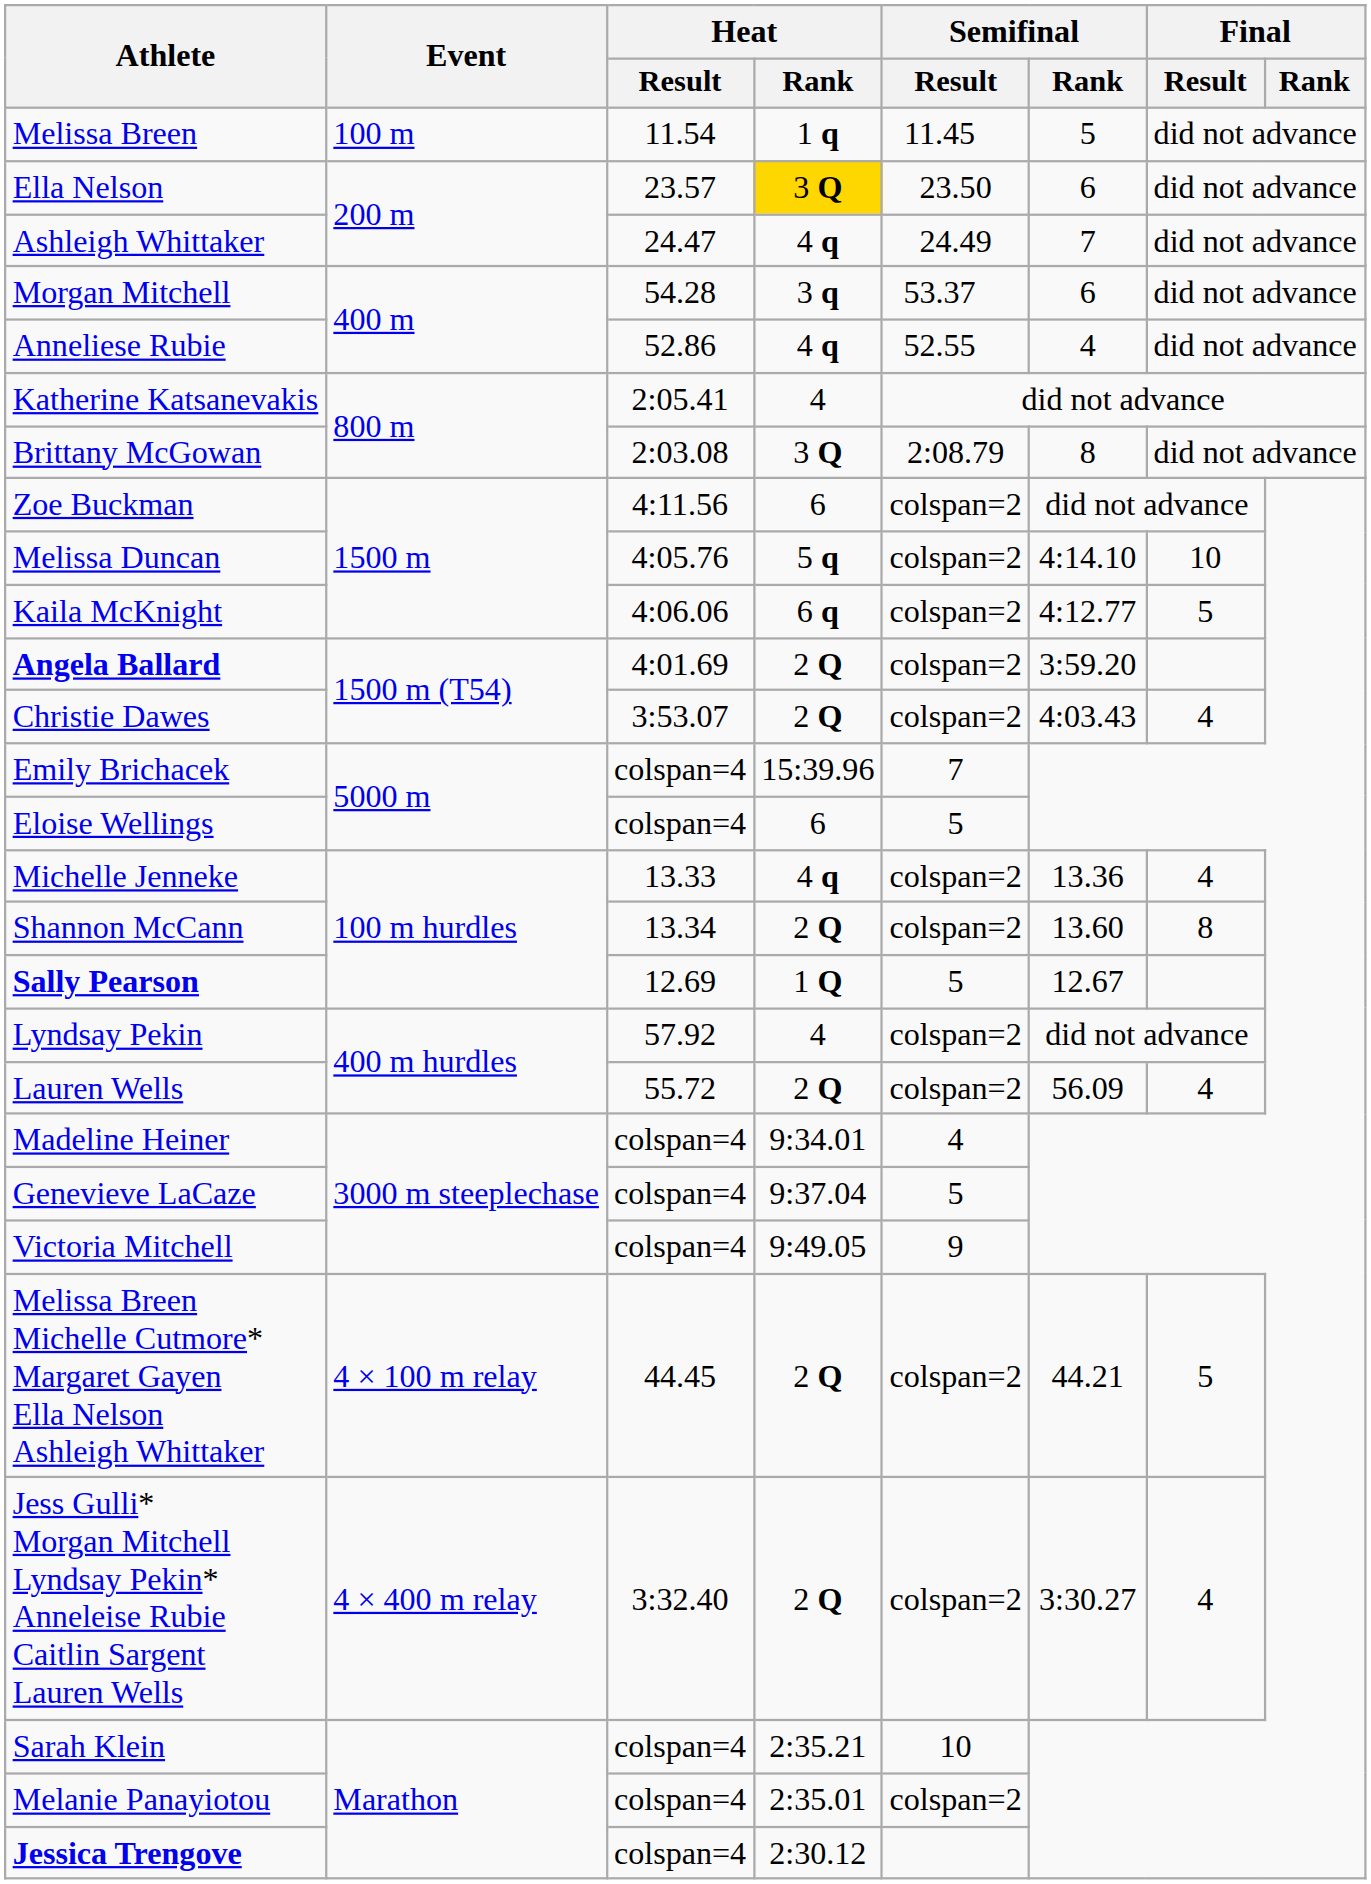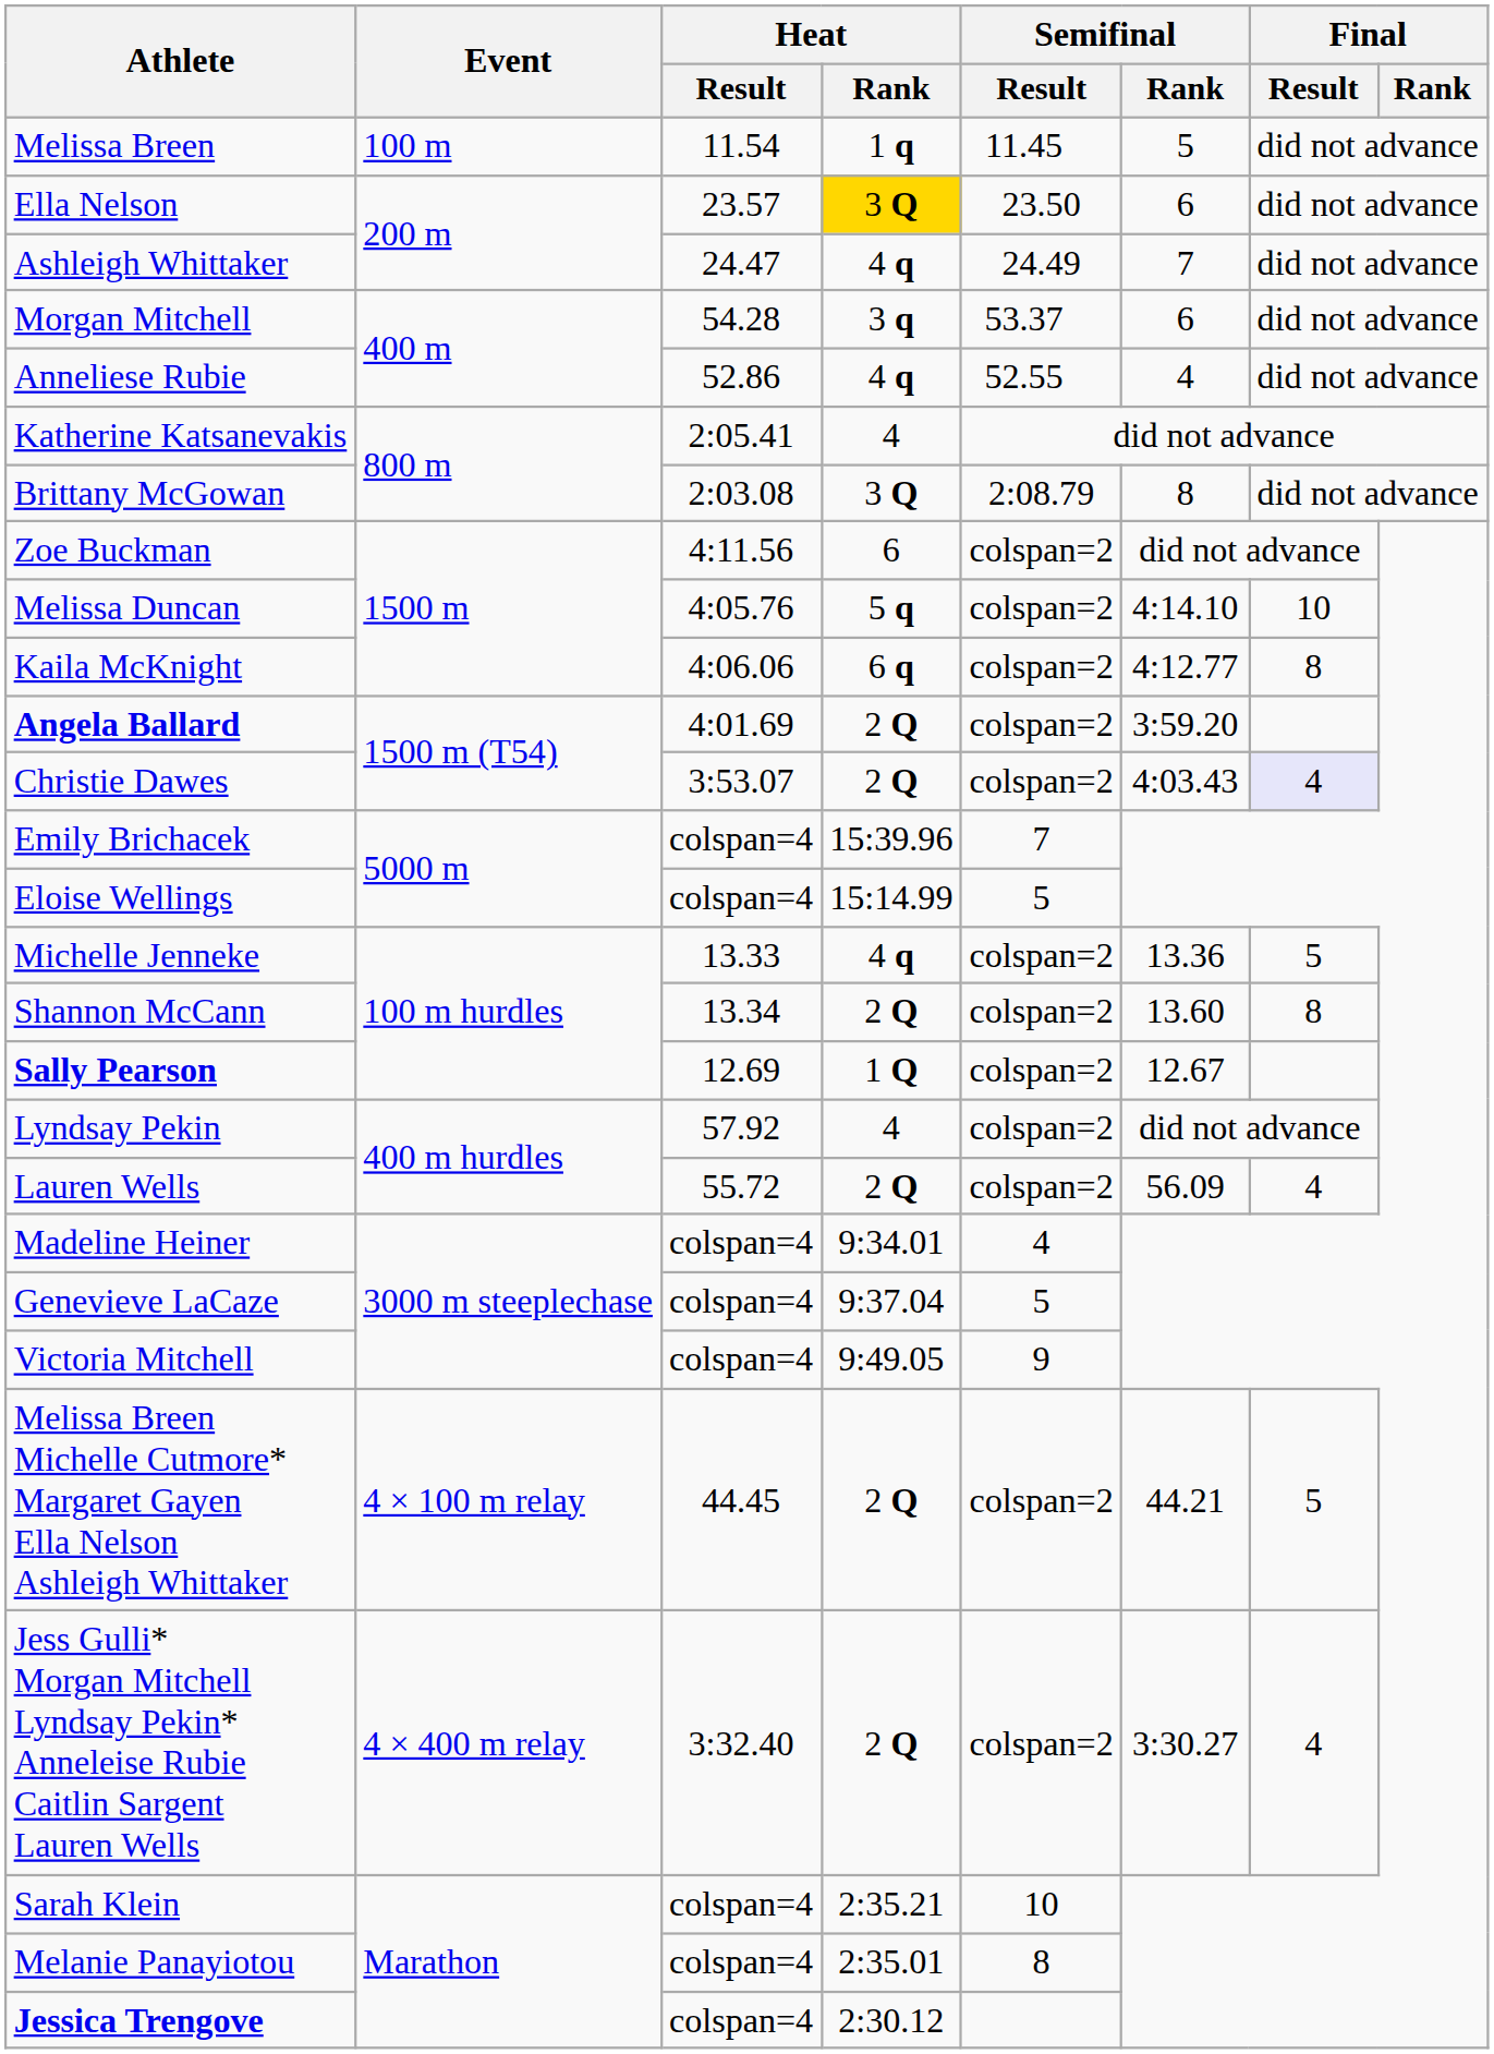 <table class="wikitable" style="font-size:90%">
 <tr>
 <th rowspan=2>Athlete</th>
 <th rowspan=2>Event</th>
 <th colspan=2>Heat</th>
 <th colspan=2>Semifinal</th>
 <th colspan=2>Final</th>
 </tr>
 <tr style="font-size:95%">
 <th>Result</th>
 <th>Rank</th>
 <th>Result</th>
 <th>Rank</th>
 <th>Result</th>
 <th>Rank</th>
 </tr>
 <tr align=center>
 <td align=left><a href='#'>Melissa Breen</a></td>
 <td align=left rowspan=1><a href='#'>100 m</a></td>
 <td>11.54</td>
 <td>1 <strong>q</strong></td>
 <td>11.45 </td>
 <td>5</td>
 <td colspan=2>did not advance</td>
 </tr>
 <tr align=center>
 <td align=left><a href='#'>Ella Nelson</a></td>
 <td align=left rowspan=2><a href='#'>200 m</a></td>
 <td>23.57</td>
 <td style="background: gold;">3 <strong>Q</strong></td>
 <td>23.50</td>
 <td>6</td>
 <td colspan=2>did not advance</td>
 </tr>
 <tr align=center>
 <td align=left><a href='#'>Ashleigh Whittaker</a></td>
 <td>24.47</td>
 <td>4 <strong>q</strong></td>
 <td>24.49</td>
 <td>7</td>
 <td colspan=2>did not advance</td>
 </tr>
 <tr align=center>
 <td align=left><a href='#'>Morgan Mitchell</a></td>
 <td align=left rowspan=2><a href='#'>400 m</a></td>
 <td>54.28</td>
 <td>3 <strong>q</strong></td>
 <td>53.37 </td>
 <td>6</td>
 <td colspan=2>did not advance</td>
 </tr>
 <tr align=center>
 <td align=left><a href='#'>Anneliese Rubie</a></td>
 <td>52.86</td>
 <td>4 <strong>q</strong></td>
 <td>52.55 </td>
 <td>4</td>
 <td colspan=2>did not advance</td>
 </tr>
 <tr align=center>
 <td align=left><a href='#'>Katherine Katsanevakis</a></td>
 <td align=left rowspan=2><a href='#'>800 m</a></td>
 <td>2:05.41</td>
 <td>4</td>
 <td colspan=4>did not advance</td>
 </tr>
 <tr align=center>
 <td align=left><a href='#'>Brittany McGowan</a></td>
 <td>2:03.08</td>
 <td>3 <strong>Q</strong></td>
 <td>2:08.79</td>
 <td>8</td>
 <td colspan=2>did not advance</td>
 </tr>
 <tr align=center>
 <td align=left><a href='#'>Zoe Buckman</a></td>
 <td align=left rowspan=3><a href='#'>1500 m</a></td>
 <td>4:11.56</td>
 <td>6</td>
 <td>colspan=2 </td>
 <td colspan=2>did not advance</td>
 </tr>
 <tr align=center>
 <td align=left><a href='#'>Melissa Duncan</a></td>
 <td>4:05.76</td>
 <td>5 <strong>q</strong></td>
 <td>colspan=2 </td>
 <td>4:14.10</td>
 <td>10</td>
 </tr>
 <tr align=center>
 <td align=left><a href='#'>Kaila McKnight</a></td>
 <td>4:06.06</td>
 <td>6 <strong>q</strong></td>
 <td>colspan=2 </td>
 <td>4:12.77</td>
-<td>5</td>
+<td>8</td>
 </tr>
 <tr align=center>
 <td align=left><strong><a href='#'>Angela Ballard</a></strong></td>
 <td align=left rowspan=2><a href='#'>1500 m (T54)</a></td>
 <td>4:01.69</td>
 <td>2 <strong>Q</strong></td>
 <td>colspan=2 </td>
 <td>3:59.20</td>
 <td></td>
 </tr>
 <tr align=center>
 <td align=left><a href='#'>Christie Dawes</a></td>
 <td>3:53.07</td>
 <td>2 <strong>Q</strong></td>
 <td>colspan=2 </td>
 <td>4:03.43</td>
-<td>4</td>
+<td style="background: lavender;">4</td>
 </tr>
 <tr align=center>
 <td align=left><a href='#'>Emily Brichacek</a></td>
 <td align=left rowspan=2><a href='#'>5000 m</a></td>
 <td>colspan=4 </td>
 <td>15:39.96</td>
 <td>7</td>
 </tr>
 <tr align=center>
 <td align=left><a href='#'>Eloise Wellings</a></td>
 <td>colspan=4 </td>
-<td>6</td>
+<td>15:14.99</td>
 <td>5</td>
 </tr>
 <tr align=center>
 <td align=left><a href='#'>Michelle Jenneke</a></td>
 <td align=left rowspan=3><a href='#'>100 m hurdles</a></td>
 <td>13.33</td>
 <td>4 <strong>q</strong></td>
 <td>colspan=2 </td>
 <td>13.36</td>
-<td>4</td>
+<td>5</td>
 </tr>
 <tr align=center>
 <td align=left><a href='#'>Shannon McCann</a></td>
 <td>13.34</td>
 <td>2 <strong>Q</strong></td>
 <td>colspan=2 </td>
 <td>13.60</td>
 <td>8</td>
 </tr>
 <tr align=center>
 <td align=left><strong><a href='#'>Sally Pearson</a></strong></td>
 <td>12.69</td>
 <td>1 <strong>Q</strong></td>
-<td>5</td>
+<td>colspan=2 </td>
 <td>12.67</td>
 <td></td>
 </tr>
 <tr align=center>
 <td align=left><a href='#'>Lyndsay Pekin</a></td>
 <td align=left rowspan=2><a href='#'>400 m hurdles</a></td>
 <td>57.92</td>
 <td>4</td>
 <td>colspan=2 </td>
 <td colspan=2>did not advance</td>
 </tr>
 <tr align=center>
 <td align=left><a href='#'>Lauren Wells</a></td>
 <td>55.72</td>
 <td>2 <strong>Q</strong></td>
 <td>colspan=2 </td>
 <td>56.09</td>
 <td>4</td>
 </tr>
 <tr align=center>
 <td align=left><a href='#'>Madeline Heiner</a></td>
 <td align=left rowspan=3><a href='#'>3000 m steeplechase</a></td>
 <td>colspan=4 </td>
 <td>9:34.01</td>
 <td>4</td>
 </tr>
 <tr align=center>
 <td align=left><a href='#'>Genevieve LaCaze</a></td>
 <td>colspan=4 </td>
 <td>9:37.04</td>
 <td>5</td>
 </tr>
 <tr align=center>
 <td align=left><a href='#'>Victoria Mitchell</a></td>
 <td>colspan=4 </td>
 <td>9:49.05</td>
 <td>9</td>
 </tr>
 <tr align=center>
 <td align=left><a href='#'>Melissa Breen</a><br><a href='#'>Michelle Cutmore</a>*<br><a href='#'>Margaret Gayen</a><br><a href='#'>Ella Nelson</a><br><a href='#'>Ashleigh Whittaker</a></td>
 <td align=left><a href='#'>4 × 100 m relay</a></td>
 <td>44.45</td>
 <td>2 <strong>Q</strong></td>
 <td>colspan=2 </td>
 <td>44.21</td>
 <td>5</td>
 </tr>
 <tr align=center>
 <td align=left><a href='#'>Jess Gulli</a>*<br><a href='#'>Morgan Mitchell</a><br><a href='#'>Lyndsay Pekin</a>*<br><a href='#'>Anneleise Rubie</a><br><a href='#'>Caitlin Sargent</a><br><a href='#'>Lauren Wells</a></td>
 <td align=left><a href='#'>4 × 400 m relay</a></td>
 <td>3:32.40</td>
 <td>2 <strong>Q</strong></td>
 <td>colspan=2 </td>
 <td>3:30.27</td>
 <td>4</td>
 </tr>
 <tr align=center>
 <td align=left><a href='#'>Sarah Klein</a></td>
 <td align=left rowspan=3><a href='#'>Marathon</a></td>
 <td>colspan=4 </td>
 <td>2:35.21</td>
 <td>10</td>
 </tr>
 <tr align=center>
 <td align=left><a href='#'>Melanie Panayiotou</a></td>
 <td>colspan=4 </td>
 <td>2:35.01</td>
-<td>colspan=2 </td>
+<td>8</td>
 </tr>
 <tr align=center>
 <td align=left><strong><a href='#'>Jessica Trengove</a></strong></td>
 <td>colspan=4 </td>
 <td>2:30.12</td>
 <td></td>
 </tr>
 </table>
